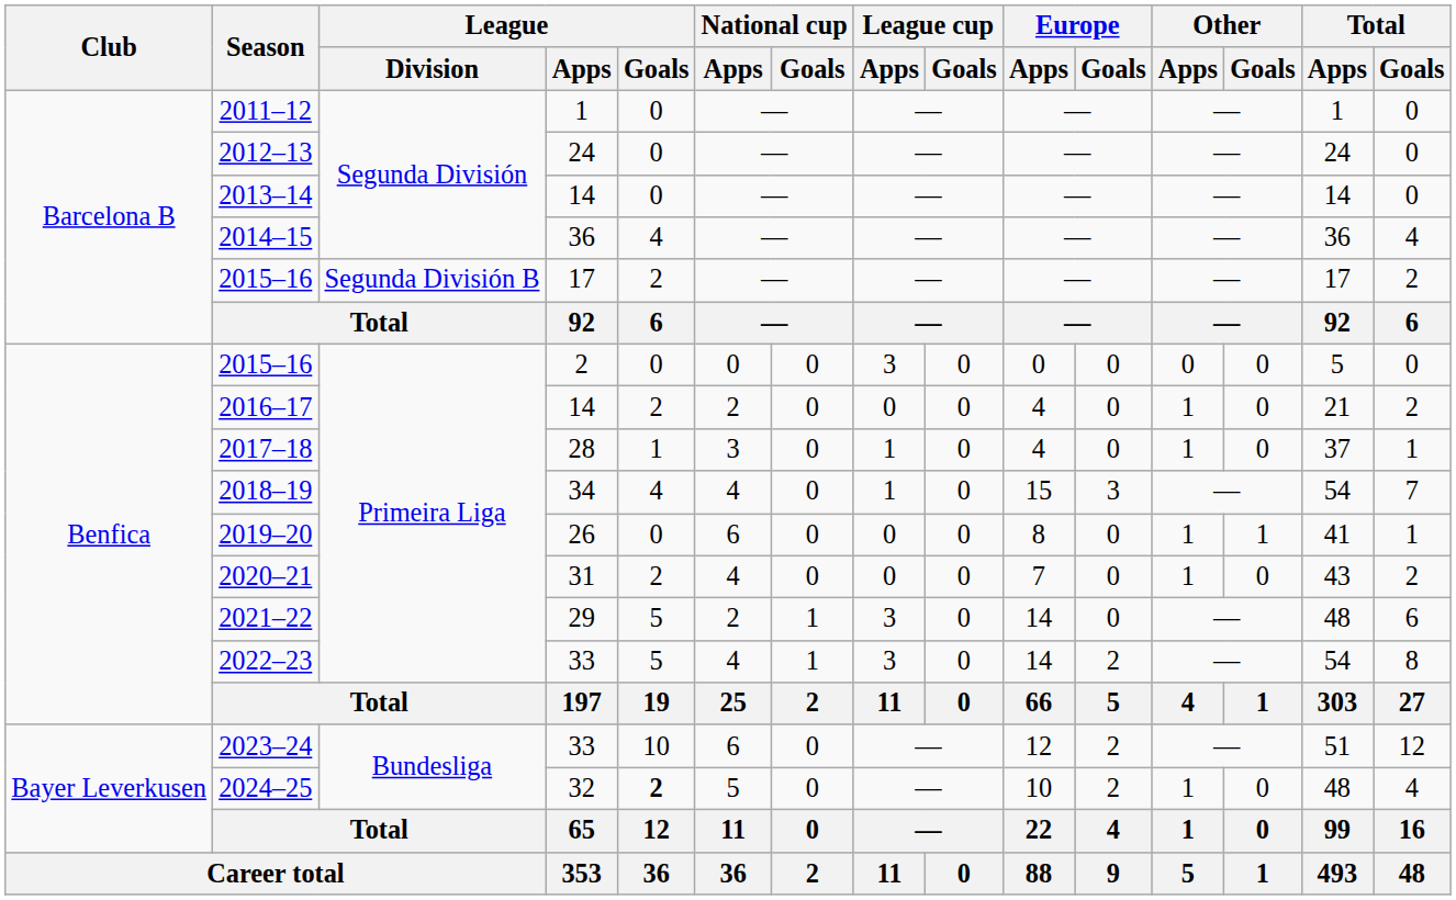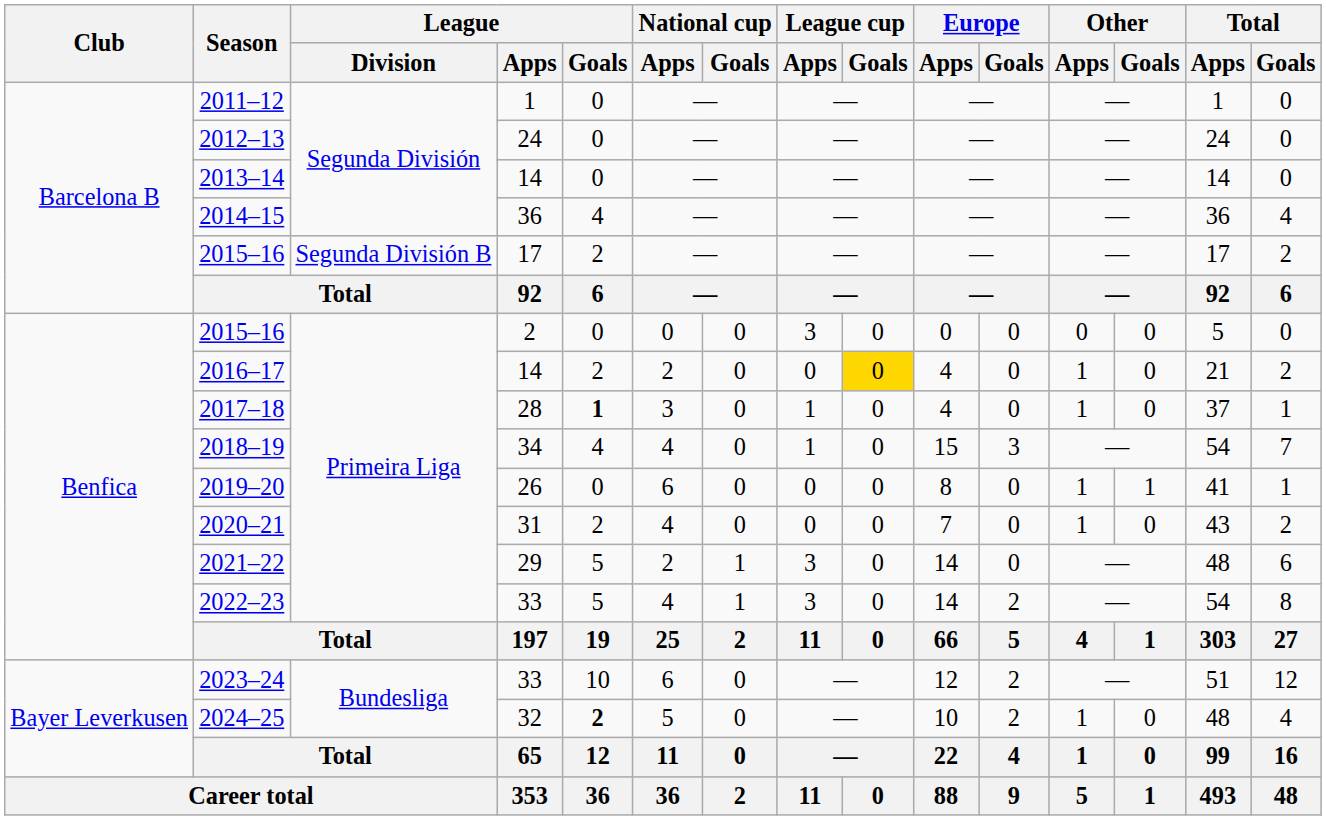 <table class="wikitable" style="text-align: center;">
 <tr>
 <th rowspan="2">Club</th>
 <th rowspan="2">Season</th>
 <th colspan="3">League</th>
 <th colspan="2">National cup</th>
 <th colspan="2">League cup</th>
 <th colspan="2"><a href='#'>Europe</a></th>
 <th colspan="2">Other</th>
 <th colspan="2">Total</th>
 </tr>
 <tr>
 <th>Division</th>
 <th>Apps</th>
 <th>Goals</th>
 <th>Apps</th>
 <th>Goals</th>
 <th>Apps</th>
 <th>Goals</th>
 <th>Apps</th>
 <th>Goals</th>
 <th>Apps</th>
 <th>Goals</th>
 <th>Apps</th>
 <th>Goals</th>
 </tr>
 <tr>
 <td rowspan="6"><a href='#'>Barcelona B</a></td>
 <td><a href='#'>2011–12</a></td>
 <td rowspan="4"><a href='#'>Segunda División</a></td>
 <td>1</td>
 <td>0</td>
 <td colspan="2">—</td>
 <td colspan="2">—</td>
 <td colspan="2">—</td>
 <td colspan="2">—</td>
 <td>1</td>
 <td>0</td>
 </tr>
 <tr>
 <td><a href='#'>2012–13</a></td>
 <td>24</td>
 <td>0</td>
 <td colspan="2">—</td>
 <td colspan="2">—</td>
 <td colspan="2">—</td>
 <td colspan="2">—</td>
 <td>24</td>
 <td>0</td>
 </tr>
 <tr>
 <td><a href='#'>2013–14</a></td>
 <td>14</td>
 <td>0</td>
 <td colspan="2">—</td>
 <td colspan="2">—</td>
 <td colspan="2">—</td>
 <td colspan="2">—</td>
 <td>14</td>
 <td>0</td>
 </tr>
 <tr>
 <td><a href='#'>2014–15</a></td>
 <td>36</td>
 <td>4</td>
 <td colspan="2">—</td>
 <td colspan="2">—</td>
 <td colspan="2">—</td>
 <td colspan="2">—</td>
 <td>36</td>
 <td>4</td>
 </tr>
 <tr>
 <td><a href='#'>2015–16</a></td>
 <td><a href='#'>Segunda División B</a></td>
 <td>17</td>
 <td>2</td>
 <td colspan="2">—</td>
 <td colspan="2">—</td>
 <td colspan="2">—</td>
 <td colspan="2">—</td>
 <td>17</td>
 <td>2</td>
 </tr>
 <tr>
 <th colspan="2">Total</th>
 <th>92</th>
 <th>6</th>
 <th colspan="2">—</th>
 <th colspan="2">—</th>
 <th colspan="2">—</th>
 <th colspan="2">—</th>
 <th>92</th>
 <th>6</th>
 </tr>
 <tr>
 <td rowspan="9"><a href='#'>Benfica</a></td>
 <td><a href='#'>2015–16</a></td>
 <td rowspan="8"><a href='#'>Primeira Liga</a></td>
 <td>2</td>
 <td>0</td>
 <td>0</td>
 <td>0</td>
 <td>3</td>
 <td>0</td>
 <td>0</td>
 <td>0</td>
 <td>0</td>
 <td>0</td>
 <td>5</td>
 <td>0</td>
 </tr>
 <tr>
 <td><a href='#'>2016–17</a></td>
 <td>14</td>
 <td>2</td>
 <td>2</td>
 <td>0</td>
 <td>0</td>
-<td>0</td>
+<td style="background: gold;">0</td>
 <td>4</td>
 <td>0</td>
 <td>1</td>
 <td>0</td>
 <td>21</td>
 <td>2</td>
 </tr>
 <tr>
 <td><a href='#'>2017–18</a></td>
 <td>28</td>
-<td>1</td>
+<td><strong>1</strong></td>
 <td>3</td>
 <td>0</td>
 <td>1</td>
 <td>0</td>
 <td>4</td>
 <td>0</td>
 <td>1</td>
 <td>0</td>
 <td>37</td>
 <td>1</td>
 </tr>
 <tr>
 <td><a href='#'>2018–19</a></td>
 <td>34</td>
 <td>4</td>
 <td>4</td>
 <td>0</td>
 <td>1</td>
 <td>0</td>
 <td>15</td>
 <td>3</td>
 <td colspan="2">—</td>
 <td>54</td>
 <td>7</td>
 </tr>
 <tr>
 <td><a href='#'>2019–20</a></td>
 <td>26</td>
 <td>0</td>
 <td>6</td>
 <td>0</td>
 <td>0</td>
 <td>0</td>
 <td>8</td>
 <td>0</td>
 <td>1</td>
 <td>1</td>
 <td>41</td>
 <td>1</td>
 </tr>
 <tr>
 <td><a href='#'>2020–21</a></td>
 <td>31</td>
 <td>2</td>
 <td>4</td>
 <td>0</td>
 <td>0</td>
 <td>0</td>
 <td>7</td>
 <td>0</td>
 <td>1</td>
 <td>0</td>
 <td>43</td>
 <td>2</td>
 </tr>
 <tr>
 <td><a href='#'>2021–22</a></td>
 <td>29</td>
 <td>5</td>
 <td>2</td>
 <td>1</td>
 <td>3</td>
 <td>0</td>
 <td>14</td>
 <td>0</td>
 <td colspan="2">—</td>
 <td>48</td>
 <td>6</td>
 </tr>
 <tr>
 <td><a href='#'>2022–23</a></td>
 <td>33</td>
 <td>5</td>
 <td>4</td>
 <td>1</td>
 <td>3</td>
 <td>0</td>
 <td>14</td>
 <td>2</td>
 <td colspan="2">—</td>
 <td>54</td>
 <td>8</td>
 </tr>
 <tr>
 <th colspan="2">Total</th>
 <th>197</th>
 <th>19</th>
 <th>25</th>
 <th>2</th>
 <th>11</th>
 <th>0</th>
 <th>66</th>
 <th>5</th>
 <th>4</th>
 <th>1</th>
 <th>303</th>
 <th>27</th>
 </tr>
 <tr>
 <td rowspan="3"><a href='#'>Bayer Leverkusen</a></td>
 <td><a href='#'>2023–24</a></td>
 <td rowspan="2"><a href='#'>Bundesliga</a></td>
 <td>33</td>
 <td>10</td>
 <td>6</td>
 <td>0</td>
 <td colspan="2">—</td>
 <td>12</td>
 <td>2</td>
 <td colspan="2">—</td>
 <td>51</td>
 <td>12</td>
 </tr>
 <tr>
 <td><a href='#'>2024–25</a></td>
 <td>32</td>
 <td><strong>2</strong></td>
 <td>5</td>
 <td>0</td>
 <td colspan="2">—</td>
 <td>10</td>
 <td>2</td>
 <td>1</td>
 <td>0</td>
 <td>48</td>
 <td>4</td>
 </tr>
 <tr>
 <th colspan="2">Total</th>
 <th>65</th>
 <th>12</th>
 <th>11</th>
 <th>0</th>
 <th colspan="2">—</th>
 <th>22</th>
 <th>4</th>
 <th>1</th>
 <th>0</th>
 <th>99</th>
 <th>16</th>
 </tr>
 <tr>
 <th colspan="3">Career total</th>
 <th>353</th>
 <th>36</th>
 <th>36</th>
 <th>2</th>
 <th>11</th>
 <th>0</th>
 <th>88</th>
 <th>9</th>
 <th>5</th>
 <th>1</th>
 <th>493</th>
 <th>48</th>
 </tr>
 </table>
